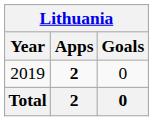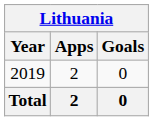 <table class="wikitable" style="text-align:center">
 <tr>
 <th colspan=3><a href='#'>Lithuania</a></th>
 </tr>
 <tr>
 <th>Year</th>
 <th>Apps</th>
 <th>Goals</th>
 </tr>
 <tr>
 <td>2019</td>
-<td><strong>2</strong></td>
+<td>2</td>
 <td>0</td>
 </tr>
 <tr>
 <th>Total</th>
 <th>2</th>
 <th>0</th>
 </tr>
 </table>
